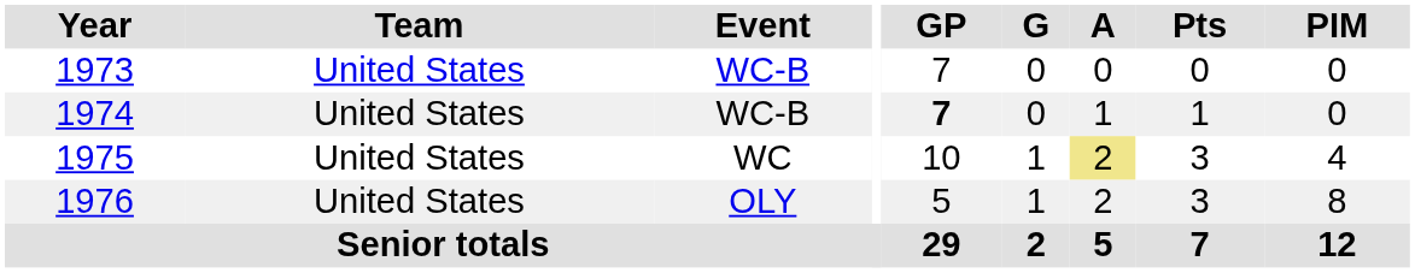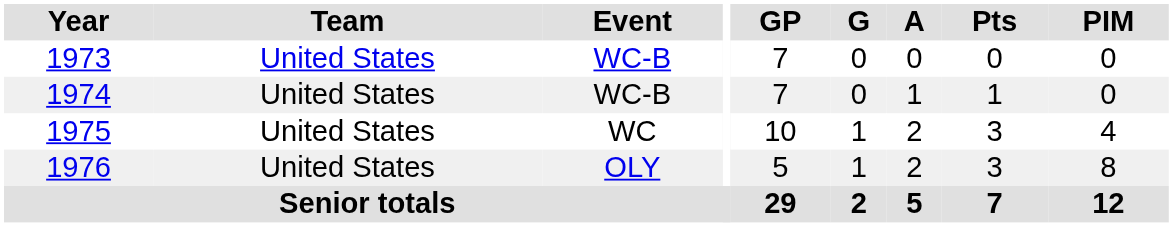 <table border="0" cellpadding="1" cellspacing="0" ID="Table3" style="text-align:center; width:40em">
 <tr bgcolor="#e0e0e0">
 <th>Year</th>
 <th>Team</th>
 <th>Event</th>
 <th rowspan="102" bgcolor="#ffffff"></th>
 <th>GP</th>
 <th>G</th>
 <th>A</th>
 <th>Pts</th>
 <th>PIM</th>
 </tr>
 <tr>
 <td><a href='#'>1973</a></td>
 <td><a href='#'>United States</a></td>
 <td><a href='#'>WC-B</a></td>
 <td>7</td>
 <td>0</td>
 <td>0</td>
 <td>0</td>
 <td>0</td>
 </tr>
 <tr bgcolor="#f0f0f0">
 <td><a href='#'>1974</a></td>
 <td>United States</td>
 <td>WC-B</td>
-<td><strong>7</strong></td>
+<td>7</td>
 <td>0</td>
 <td>1</td>
 <td>1</td>
 <td>0</td>
 </tr>
 <tr>
 <td><a href='#'>1975</a></td>
 <td>United States</td>
 <td>WC</td>
 <td>10</td>
 <td>1</td>
-<td style="background: khaki;">2</td>
+<td>2</td>
 <td>3</td>
 <td>4</td>
 </tr>
 <tr bgcolor="#f0f0f0">
 <td><a href='#'>1976</a></td>
 <td>United States</td>
 <td><a href='#'>OLY</a></td>
 <td>5</td>
 <td>1</td>
 <td>2</td>
 <td>3</td>
 <td>8</td>
 </tr>
 <tr bgcolor="#e0e0e0">
 <th colspan="4">Senior totals</th>
 <th>29</th>
 <th>2</th>
 <th>5</th>
 <th>7</th>
 <th>12</th>
 </tr>
 </table>
